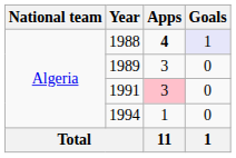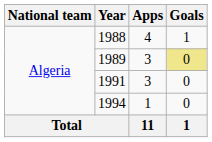 <table class="wikitable" style="text-align:center">
 <tr>
 <th>National team</th>
 <th>Year</th>
 <th>Apps</th>
 <th>Goals</th>
 </tr>
 <tr>
 <td rowspan="4"><a href='#'>Algeria</a></td>
 <td>1988</td>
-<td><strong>4</strong></td>
-<td style="background: lavender;">1</td>
+<td>4</td>
+<td>1</td>
 </tr>
 <tr>
 <td>1989</td>
 <td>3</td>
-<td>0</td>
+<td style="background: khaki;">0</td>
 </tr>
 <tr>
 <td>1991</td>
-<td style="background: pink;">3</td>
+<td>3</td>
 <td>0</td>
 </tr>
 <tr>
 <td>1994</td>
 <td>1</td>
 <td>0</td>
 </tr>
 <tr>
 <th colspan="2">Total</th>
 <th>11</th>
 <th>1</th>
 </tr>
 </table>
